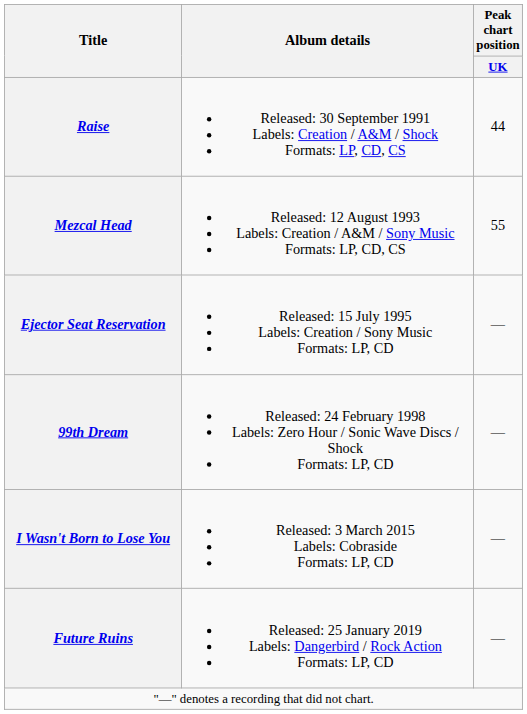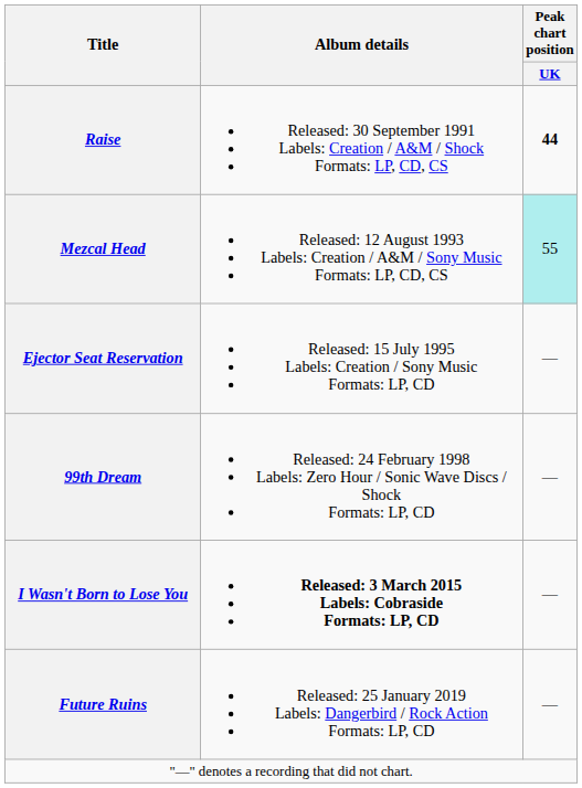 <table class="wikitable plainrowheaders" style="text-align:center">
 <tr>
 <th scope="col" rowspan="2" style="width:12em">Title</th>
 <th scope="col" rowspan="2" style="width:20em">Album details</th>
 <th scope="col" style="font-size:90%">Peak chart position</th>
 </tr>
 <tr>
 <th scope="col" style="width:3em;font-size:90%"><a href='#'>UK</a><br></th>
 </tr>
 <tr>
 <th scope="row"><em><a href='#'>Raise</a></em></th>
 <td><br><ul><li>Released: 30 September 1991</li><li>Labels: <a href='#'>Creation</a> / <a href='#'>A&M</a> / <a href='#'>Shock</a></li><li>Formats: <a href='#'>LP</a>, <a href='#'>CD</a>, <a href='#'>CS</a></li></ul></td>
-<td>44</td>
+<td><strong>44</strong></td>
 </tr>
 <tr>
 <th scope="row"><em><a href='#'>Mezcal Head</a></em></th>
 <td><br><ul><li>Released: 12 August 1993</li><li>Labels: Creation / A&M / <a href='#'>Sony Music</a></li><li>Formats: LP, CD, CS</li></ul></td>
-<td>55</td>
+<td style="background: paleturquoise;">55</td>
 </tr>
 <tr>
 <th scope="row"><em><a href='#'>Ejector Seat Reservation</a></em></th>
 <td><br><ul><li>Released: 15 July 1995</li><li>Labels: Creation / Sony Music</li><li>Formats: LP, CD</li></ul></td>
 <td>—</td>
 </tr>
 <tr>
 <th scope="row"><em><a href='#'>99th Dream</a></em></th>
 <td><br><ul><li>Released: 24 February 1998</li><li>Labels: Zero Hour / Sonic Wave Discs / Shock</li><li>Formats: LP, CD</li></ul></td>
 <td>—</td>
 </tr>
 <tr>
 <th scope="row"><em><a href='#'>I Wasn't Born to Lose You</a></em></th>
-<td><br><ul><li>Released: 3 March 2015</li><li>Labels: Cobraside</li><li>Formats: LP, CD</li></ul></td>
+<td><strong><br><ul><li>Released: 3 March 2015</li><li>Labels: Cobraside</li><li>Formats: LP, CD</li></ul></strong></td>
 <td>—</td>
 </tr>
 <tr>
 <th scope="row"><em><a href='#'>Future Ruins</a></em></th>
 <td><br><ul><li>Released: 25 January 2019</li><li>Labels: <a href='#'>Dangerbird</a> / <a href='#'>Rock Action</a></li><li>Formats: LP, CD</li></ul></td>
 <td>—</td>
 </tr>
 <tr>
 <td colspan="4" style="font-size:90%">"—" denotes a recording that did not chart.</td>
 </tr>
 </table>
